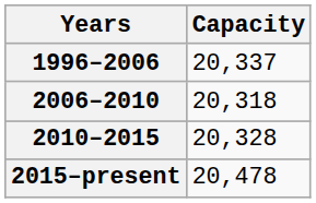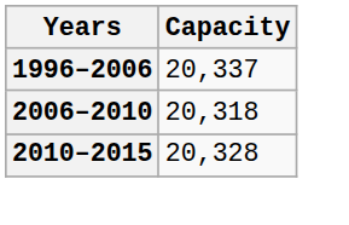 <table class="wikitable">
 <tr>
 <th>Years</th>
 <th>Capacity</th>
 </tr>
 <tr>
 <th>1996–2006</th>
 <td>20,337</td>
 </tr>
 <tr>
 <th>2006–2010</th>
 <td>20,318</td>
 </tr>
 <tr>
 <th>2010–2015</th>
 <td>20,328</td>
 </tr>
-<tr>
-<th>2015–present</th>
-<td>20,478</td>
-</tr>
 </table>
